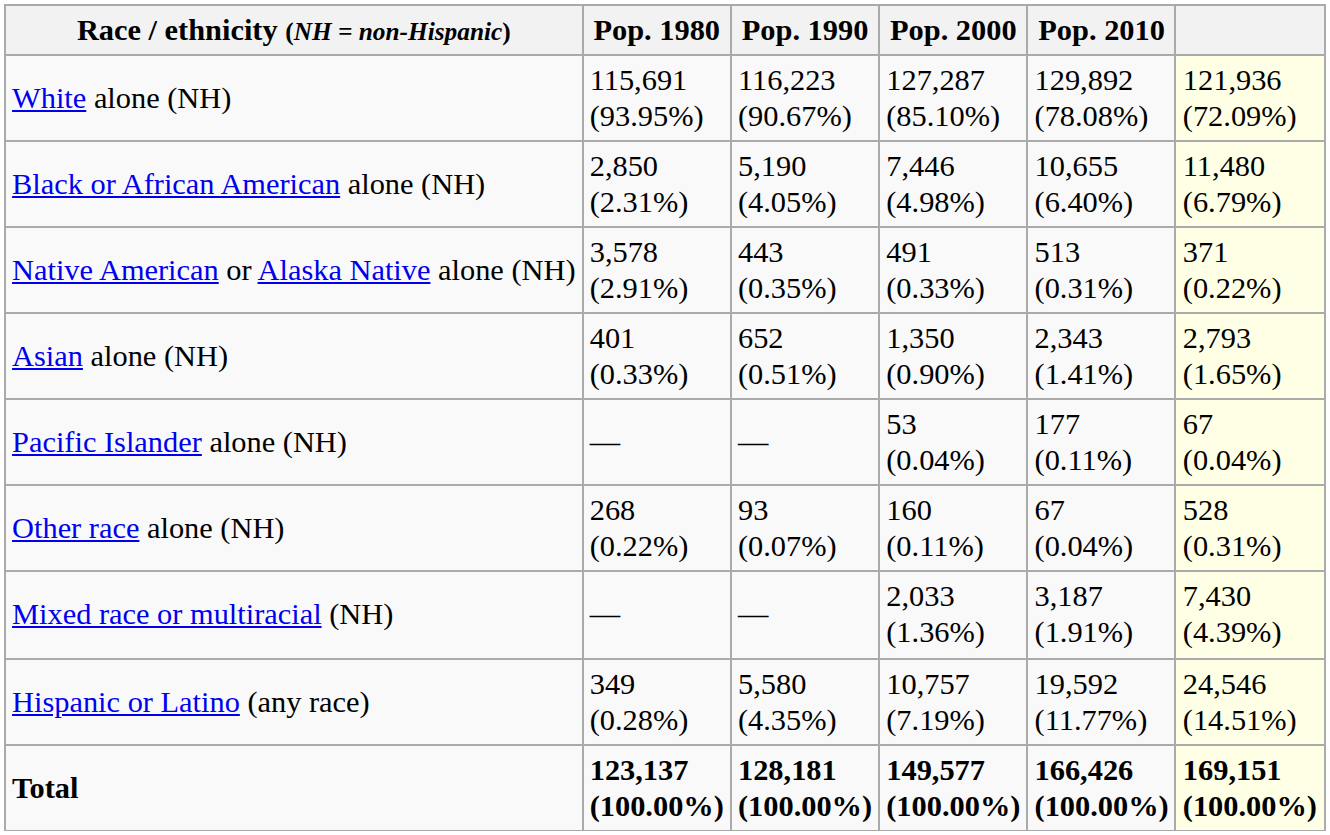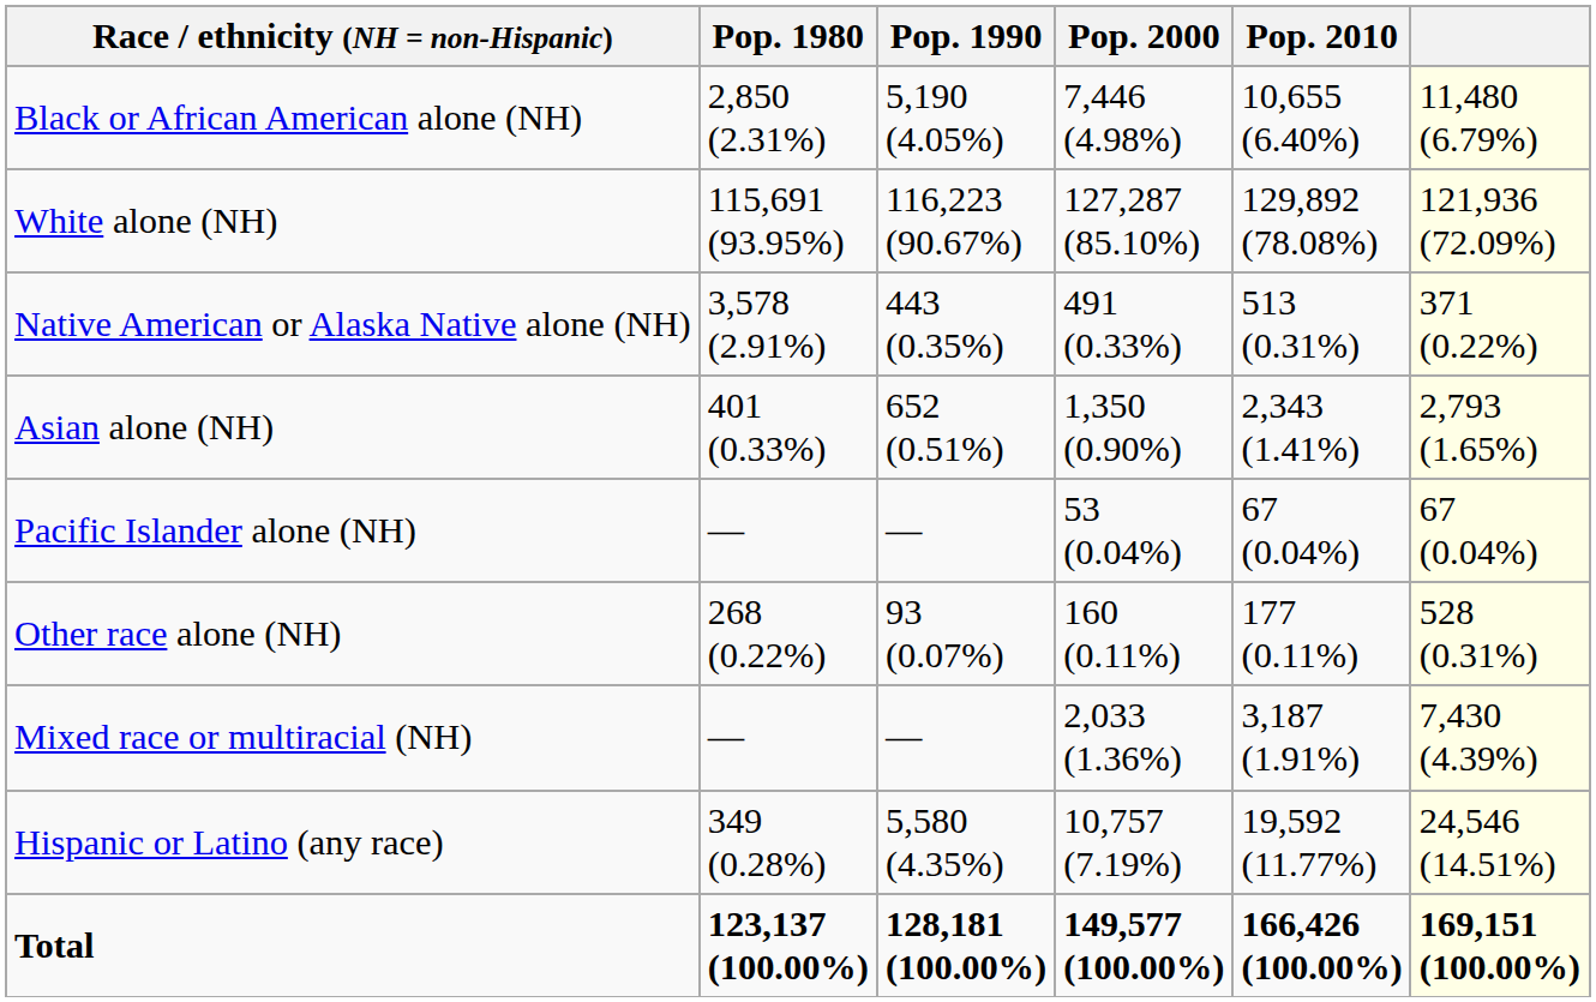 <table class="wikitable sortable collapsible" style="font-size: 95%;">
 <tr>
 <th>Race / ethnicity <small>(<em>NH = non-Hispanic</em>)</small></th>
 <th>Pop. 1980</th>
 <th>Pop. 1990</th>
 <th>Pop. 2000</th>
 <th>Pop. 2010</th>
 <th></th>
 </tr>
 <tr>
+<td><a href='#'>Black or African American</a> alone (NH)</td>
+<td>2,850<br>(2.31%)</td>
+<td>5,190<br>(4.05%)</td>
+<td>7,446<br>(4.98%)</td>
+<td>10,655<br>(6.40%)</td>
+<td style='background: #ffffe6;'>11,480<br>(6.79%)</td>
+</tr>
+<tr>
 <td><a href='#'>White</a> alone (NH)</td>
 <td>115,691<br>(93.95%)</td>
 <td>116,223<br>(90.67%)</td>
 <td>127,287<br>(85.10%)</td>
 <td>129,892<br>(78.08%)</td>
 <td style='background: #ffffe6;'>121,936<br>(72.09%)</td>
-</tr>
-<tr>
-<td><a href='#'>Black or African American</a> alone (NH)</td>
-<td>2,850<br>(2.31%)</td>
-<td>5,190<br>(4.05%)</td>
-<td>7,446<br>(4.98%)</td>
-<td>10,655<br>(6.40%)</td>
-<td style='background: #ffffe6;'>11,480<br>(6.79%)</td>
 </tr>
 <tr>
 <td><a href='#'>Native American</a> or <a href='#'>Alaska Native</a> alone (NH)</td>
 <td>3,578<br>(2.91%)</td>
 <td>443<br>(0.35%)</td>
 <td>491<br>(0.33%)</td>
 <td>513<br>(0.31%)</td>
 <td style='background: #ffffe6;'>371<br>(0.22%)</td>
 </tr>
 <tr>
 <td><a href='#'>Asian</a> alone (NH)</td>
 <td>401<br>(0.33%)</td>
 <td>652<br>(0.51%)</td>
 <td>1,350<br>(0.90%)</td>
 <td>2,343<br>(1.41%)</td>
 <td style='background: #ffffe6;'>2,793<br>(1.65%)</td>
 </tr>
 <tr>
 <td><a href='#'>Pacific Islander</a> alone (NH)</td>
 <td>—</td>
 <td>—</td>
 <td>53<br>(0.04%)</td>
-<td>177<br>(0.11%)</td>
+<td>67<br>(0.04%)</td>
 <td style='background: #ffffe6;'>67<br>(0.04%)</td>
 </tr>
 <tr>
 <td><a href='#'>Other race</a> alone (NH)</td>
 <td>268<br>(0.22%)</td>
 <td>93<br>(0.07%)</td>
 <td>160<br>(0.11%)</td>
-<td>67<br>(0.04%)</td>
+<td>177<br>(0.11%)</td>
 <td style='background: #ffffe6;'>528<br>(0.31%)</td>
 </tr>
 <tr>
 <td><a href='#'>Mixed race or multiracial</a> (NH)</td>
 <td>—</td>
 <td>—</td>
 <td>2,033<br>(1.36%)</td>
 <td>3,187<br>(1.91%)</td>
 <td style='background: #ffffe6;'>7,430<br>(4.39%)</td>
 </tr>
 <tr>
 <td><a href='#'>Hispanic or Latino</a> (any race)</td>
 <td>349<br>(0.28%)</td>
 <td>5,580<br>(4.35%)</td>
 <td>10,757<br>(7.19%)</td>
 <td>19,592<br>(11.77%)</td>
 <td style='background: #ffffe6;'>24,546<br>(14.51%)</td>
 </tr>
 <tr>
 <td><strong>Total</strong></td>
 <td><strong>123,137<br>(100.00%)</strong></td>
 <td><strong>128,181<br>(100.00%)</strong></td>
 <td><strong>149,577<br>(100.00%)</strong></td>
 <td><strong>166,426<br>(100.00%)</strong></td>
 <td style='background: #ffffe6;'><strong>169,151<br>(100.00%)</strong></td>
 </tr>
 </table>
